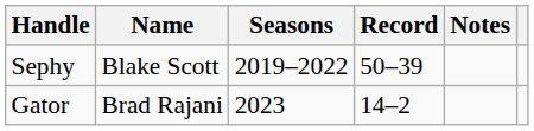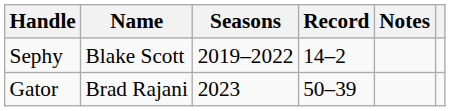 <table class="wikitable">
 <tr>
 <th style="background:#">Handle</th>
 <th style="background:#">Name</th>
 <th style="background:#">Seasons</th>
 <th style="background:#">Record</th>
 <th style="background:#">Notes</th>
 <th style="background:#"></th>
 </tr>
 <tr>
 <td>Sephy</td>
 <td>Blake Scott</td>
 <td>2019–2022</td>
-<td>50–39 </td>
+<td>14–2 </td>
 <td></td>
 <td></td>
 </tr>
 <tr>
 <td>Gator</td>
 <td>Brad Rajani</td>
 <td>2023</td>
-<td>14–2 </td>
+<td>50–39 </td>
 <td></td>
 <td></td>
 </tr>
 </table>
